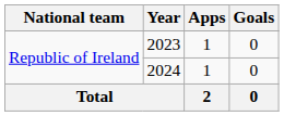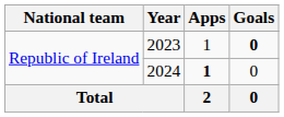 <table class=wikitable style=text-align:center>
 <tr>
 <th>National team</th>
 <th>Year</th>
 <th>Apps</th>
 <th>Goals</th>
 </tr>
 <tr>
 <td rowspan="3"><a href='#'>Republic of Ireland</a></td>
 </tr>
 <tr>
 <td>2023</td>
 <td>1</td>
-<td>0</td>
+<td><strong>0</strong></td>
 </tr>
 <tr>
 <td>2024</td>
-<td>1</td>
+<td><strong>1</strong></td>
 <td>0</td>
 </tr>
 <tr>
 <th colspan="2">Total</th>
 <th>2</th>
 <th>0</th>
 </tr>
 </table>
